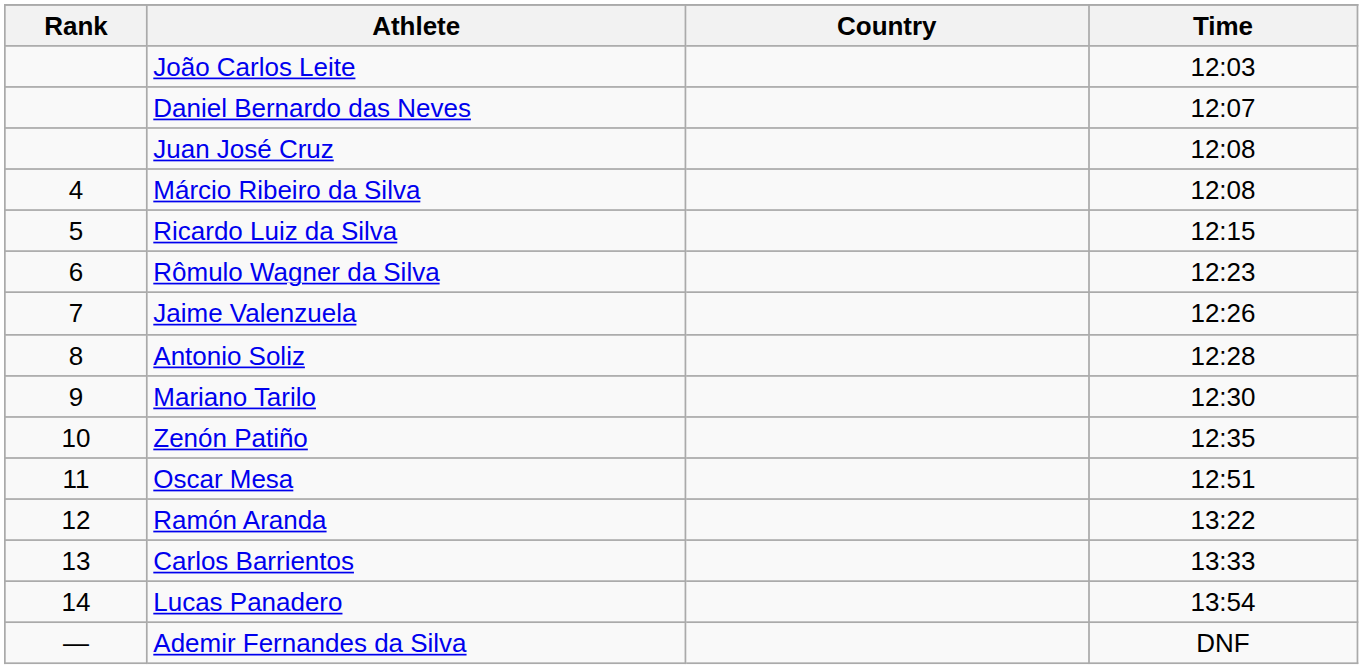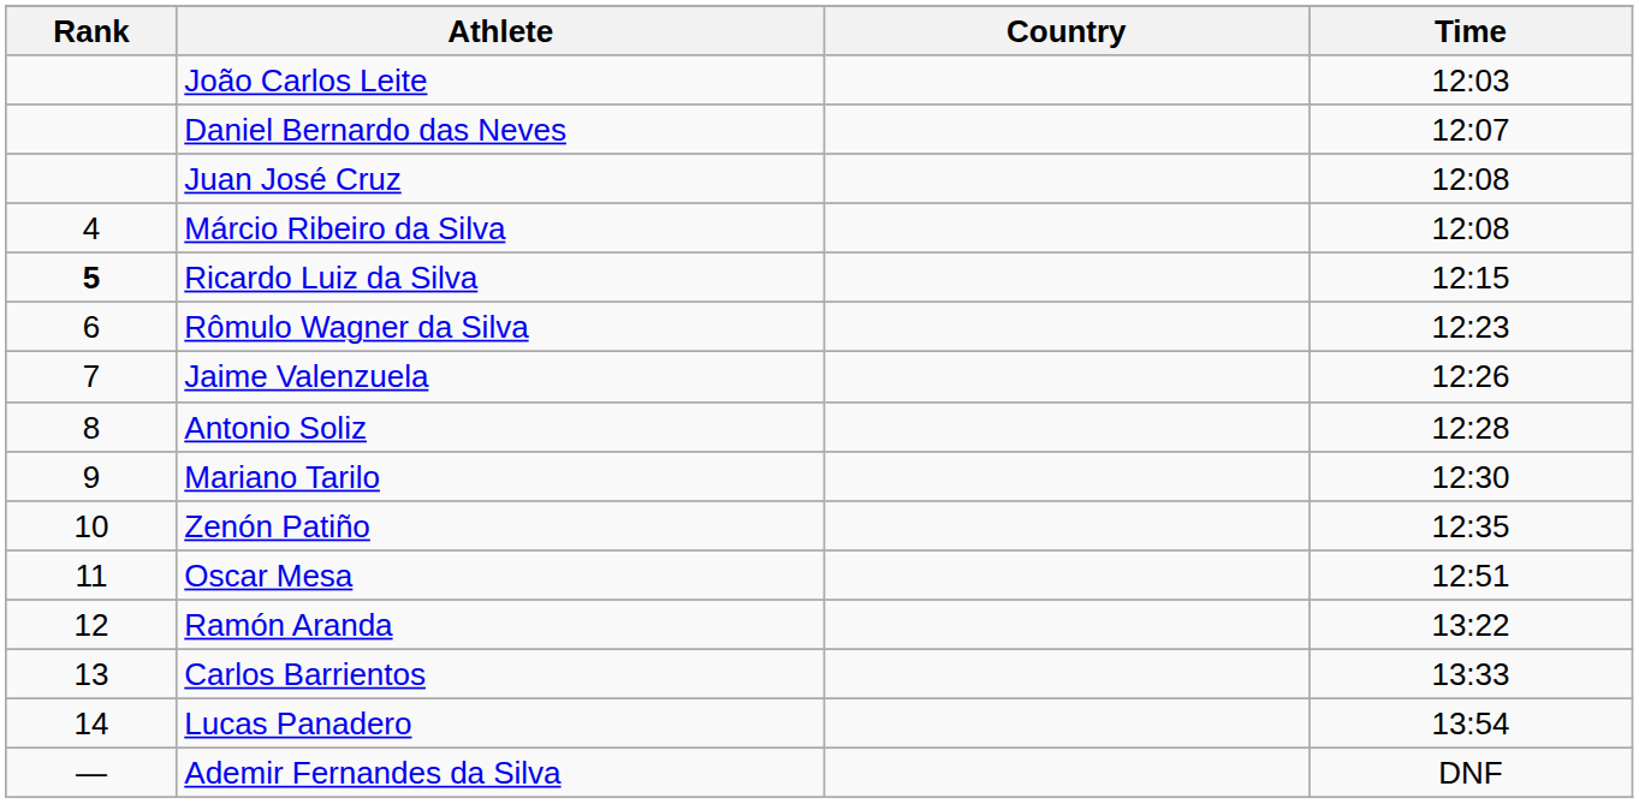 <table class="wikitable sortable" style=" text-align:center; font-size:95%;" width="50%">
 <tr>
 </tr>
 <tr>
 <th width=5%>Rank</th>
 <th width=20%>Athlete</th>
 <th width=15%>Country</th>
 <th width=10%>Time</th>
 </tr>
 <tr>
 <td align=center></td>
 <td align=left><a href='#'>João Carlos Leite</a></td>
 <td align=left></td>
 <td>12:03</td>
 </tr>
 <tr>
 <td align=center></td>
 <td align=left><a href='#'>Daniel Bernardo das Neves</a></td>
 <td align=left></td>
 <td>12:07</td>
 </tr>
 <tr>
 <td align=center></td>
 <td align=left><a href='#'>Juan José Cruz</a></td>
 <td align=left></td>
 <td>12:08</td>
 </tr>
 <tr>
 <td align=center>4</td>
 <td align=left><a href='#'>Márcio Ribeiro da Silva</a></td>
 <td align=left></td>
 <td>12:08</td>
 </tr>
 <tr>
-<td align=center>5</td>
+<td align=center><strong>5</strong></td>
 <td align=left><a href='#'>Ricardo Luiz da Silva</a></td>
 <td align=left></td>
 <td>12:15</td>
 </tr>
 <tr>
 <td align=center>6</td>
 <td align=left><a href='#'>Rômulo Wagner da Silva</a></td>
 <td align=left></td>
 <td>12:23</td>
 </tr>
 <tr>
 <td align=center>7</td>
 <td align=left><a href='#'>Jaime Valenzuela</a></td>
 <td align=left></td>
 <td>12:26</td>
 </tr>
 <tr>
 <td align=center>8</td>
 <td align=left><a href='#'>Antonio Soliz</a></td>
 <td align=left></td>
 <td>12:28</td>
 </tr>
 <tr>
 <td align=center>9</td>
 <td align=left><a href='#'>Mariano Tarilo</a></td>
 <td align=left></td>
 <td>12:30</td>
 </tr>
 <tr>
 <td align=center>10</td>
 <td align=left><a href='#'>Zenón Patiño</a></td>
 <td align=left></td>
 <td>12:35</td>
 </tr>
 <tr>
 <td align=center>11</td>
 <td align=left><a href='#'>Oscar Mesa</a></td>
 <td align=left></td>
 <td>12:51</td>
 </tr>
 <tr>
 <td align=center>12</td>
 <td align=left><a href='#'>Ramón Aranda</a></td>
 <td align=left></td>
 <td>13:22</td>
 </tr>
 <tr>
 <td align=center>13</td>
 <td align=left><a href='#'>Carlos Barrientos</a></td>
 <td align=left></td>
 <td>13:33</td>
 </tr>
 <tr>
 <td align=center>14</td>
 <td align=left><a href='#'>Lucas Panadero</a></td>
 <td align=left></td>
 <td>13:54</td>
 </tr>
 <tr>
 <td align=center>—</td>
 <td align=left><a href='#'>Ademir Fernandes da Silva</a></td>
 <td align=left></td>
 <td>DNF</td>
 </tr>
 </table>
